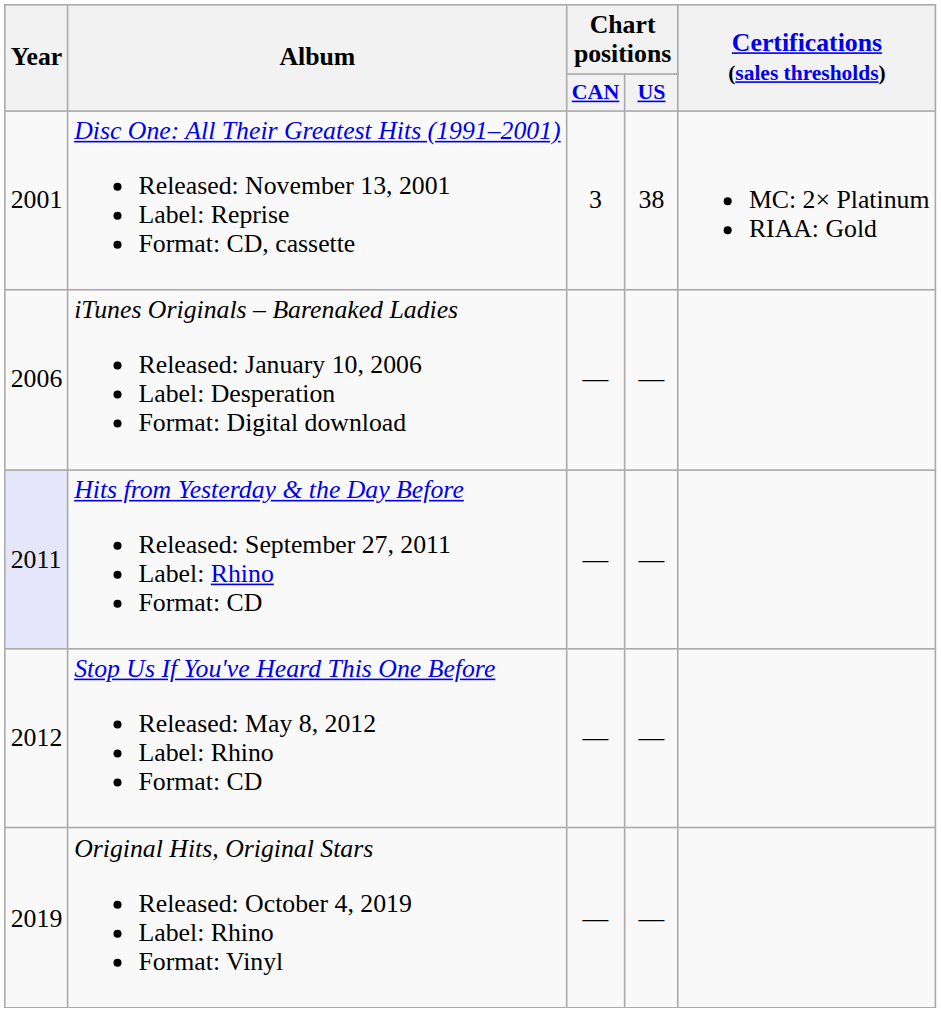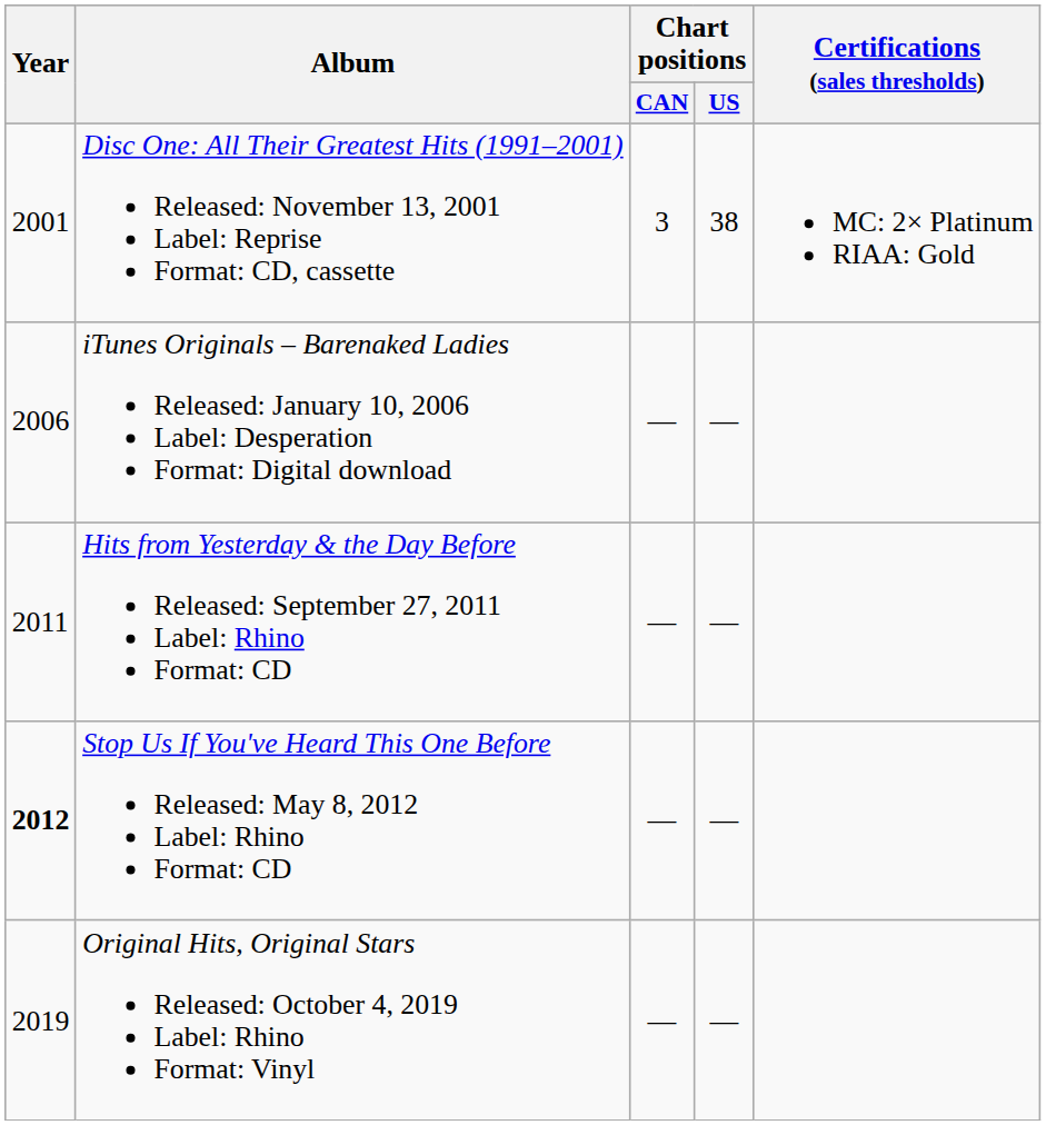 <table class="wikitable">
 <tr>
 <th rowspan="2">Year</th>
 <th rowspan="2">Album</th>
 <th colspan="2">Chart positions</th>
 <th rowspan="2"><a href='#'>Certifications</a><br><small>(<a href='#'>sales thresholds</a>)</small></th>
 </tr>
 <tr>
 <th style="width:2em;font-size:85%"><a href='#'>CAN</a><br></th>
 <th style="width:2em;font-size:85%"><a href='#'>US</a><br></th>
 </tr>
 <tr>
 <td>2001</td>
 <td><em><a href='#'>Disc One: All Their Greatest Hits (1991–2001)</a></em><br><ul><li>Released: November 13, 2001</li><li>Label: Reprise</li><li>Format: CD, cassette</li></ul></td>
 <td align="center">3</td>
 <td align="center">38</td>
 <td><br><ul><li>MC: 2× Platinum</li><li>RIAA: Gold</li></ul></td>
 </tr>
 <tr>
 <td>2006</td>
 <td><em>iTunes Originals – Barenaked Ladies</em><br><ul><li>Released: January 10, 2006</li><li>Label: Desperation</li><li>Format: Digital download</li></ul></td>
 <td align="center">—</td>
 <td align="center">—</td>
 <td></td>
 </tr>
 <tr>
-<td style="background: lavender;">2011</td>
+<td>2011</td>
 <td><em><a href='#'>Hits from Yesterday & the Day Before</a></em><br><ul><li>Released: September 27, 2011</li><li>Label: <a href='#'>Rhino</a></li><li>Format: CD</li></ul></td>
 <td align="center">—</td>
 <td align="center">—</td>
 <td></td>
 </tr>
 <tr>
-<td>2012</td>
+<td><strong>2012</strong></td>
 <td><em><a href='#'>Stop Us If You've Heard This One Before</a></em><br><ul><li>Released: May 8, 2012</li><li>Label: Rhino</li><li>Format: CD</li></ul></td>
 <td align="center">—</td>
 <td align="center">—</td>
 <td></td>
 </tr>
 <tr>
 <td>2019</td>
 <td><em>Original Hits, Original Stars</em><br><ul><li>Released: October 4, 2019 </li><li>Label: Rhino</li><li>Format: Vinyl</li></ul></td>
 <td align="center">—</td>
 <td align="center">—</td>
 <td></td>
 </tr>
 </table>
